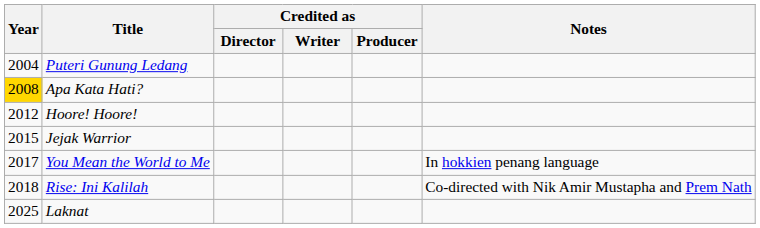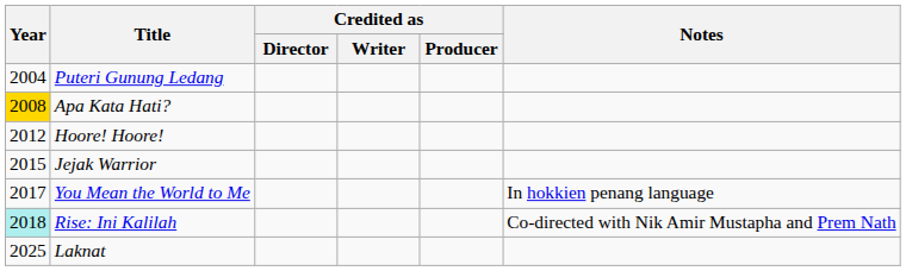 <table class="wikitable">
 <tr>
 <th rowspan="2">Year</th>
 <th rowspan="2">Title</th>
 <th colspan="3">Credited as</th>
 <th rowspan="2">Notes</th>
 </tr>
 <tr>
 <th width="65">Director</th>
 <th width="65">Writer</th>
 <th width="65">Producer</th>
 </tr>
 <tr>
 <td>2004</td>
 <td><a href='#'><em>Puteri Gunung Ledang</em></a></td>
 <td></td>
 <td></td>
 <td></td>
 <td></td>
 </tr>
 <tr>
 <td style="background: gold;">2008</td>
 <td><em>Apa Kata Hati?</em></td>
 <td></td>
 <td></td>
 <td></td>
 <td></td>
 </tr>
 <tr>
 <td>2012</td>
 <td><em>Hoore! Hoore!</em></td>
 <td></td>
 <td></td>
 <td></td>
 <td></td>
 </tr>
 <tr>
 <td>2015</td>
 <td><em>Jejak Warrior</em></td>
 <td></td>
 <td></td>
 <td></td>
 <td></td>
 </tr>
 <tr>
 <td>2017</td>
 <td><em><a href='#'>You Mean the World to Me</a></em></td>
 <td></td>
 <td></td>
 <td></td>
 <td>In <a href='#'>hokkien</a> penang language</td>
 </tr>
 <tr>
-<td>2018</td>
+<td style="background: paleturquoise;">2018</td>
 <td><em><a href='#'>Rise: Ini Kalilah</a></em></td>
 <td></td>
 <td></td>
 <td></td>
 <td>Co-directed with Nik Amir Mustapha and <a href='#'>Prem Nath</a></td>
 </tr>
 <tr>
 <td>2025</td>
 <td><em>Laknat</em></td>
 <td></td>
 <td></td>
 <td></td>
 <td></td>
 </tr>
 </table>
